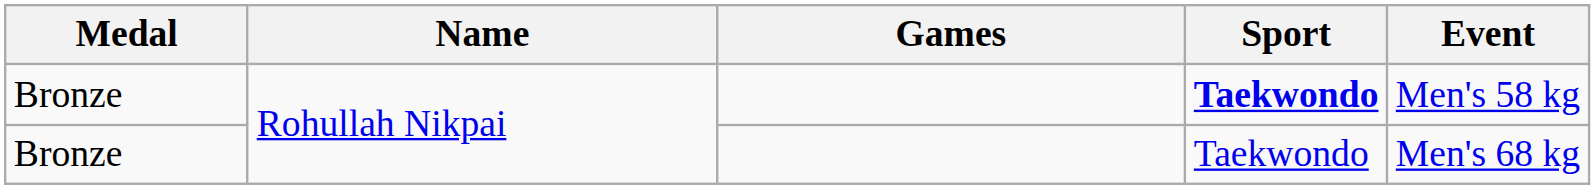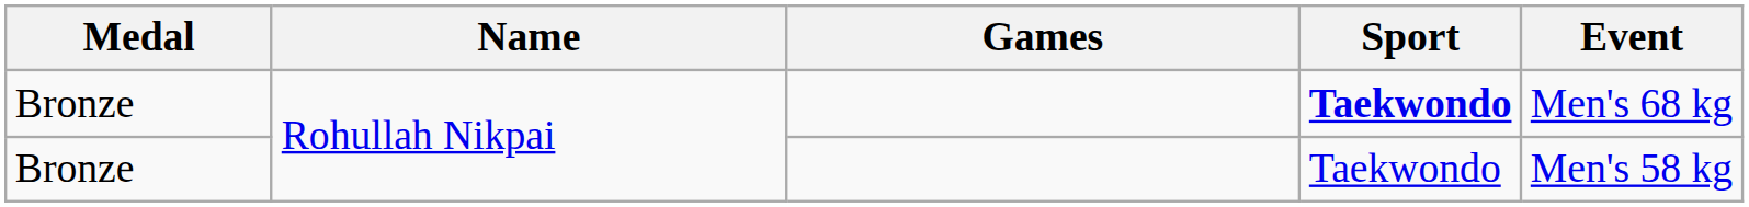 <table class="wikitable sortable">
 <tr>
 <th style="width:6em">Medal</th>
 <th style="width:12em">Name</th>
 <th style="width:12em">Games</th>
 <th>Sport</th>
 <th>Event</th>
 </tr>
 <tr>
 <td> Bronze</td>
 <td rowspan=2><a href='#'>Rohullah Nikpai</a></td>
 <td>  </td>
 <td><strong> <a href='#'>Taekwondo</a></strong></td>
-<td><a href='#'>Men's 58 kg</a></td>
+<td><a href='#'>Men's 68 kg</a></td>
 </tr>
 <tr>
 <td> Bronze</td>
 <td> </td>
 <td>   <a href='#'>Taekwondo</a></td>
-<td><a href='#'>Men's 68 kg</a></td>
+<td><a href='#'>Men's 58 kg</a></td>
 </tr>
 </table>
